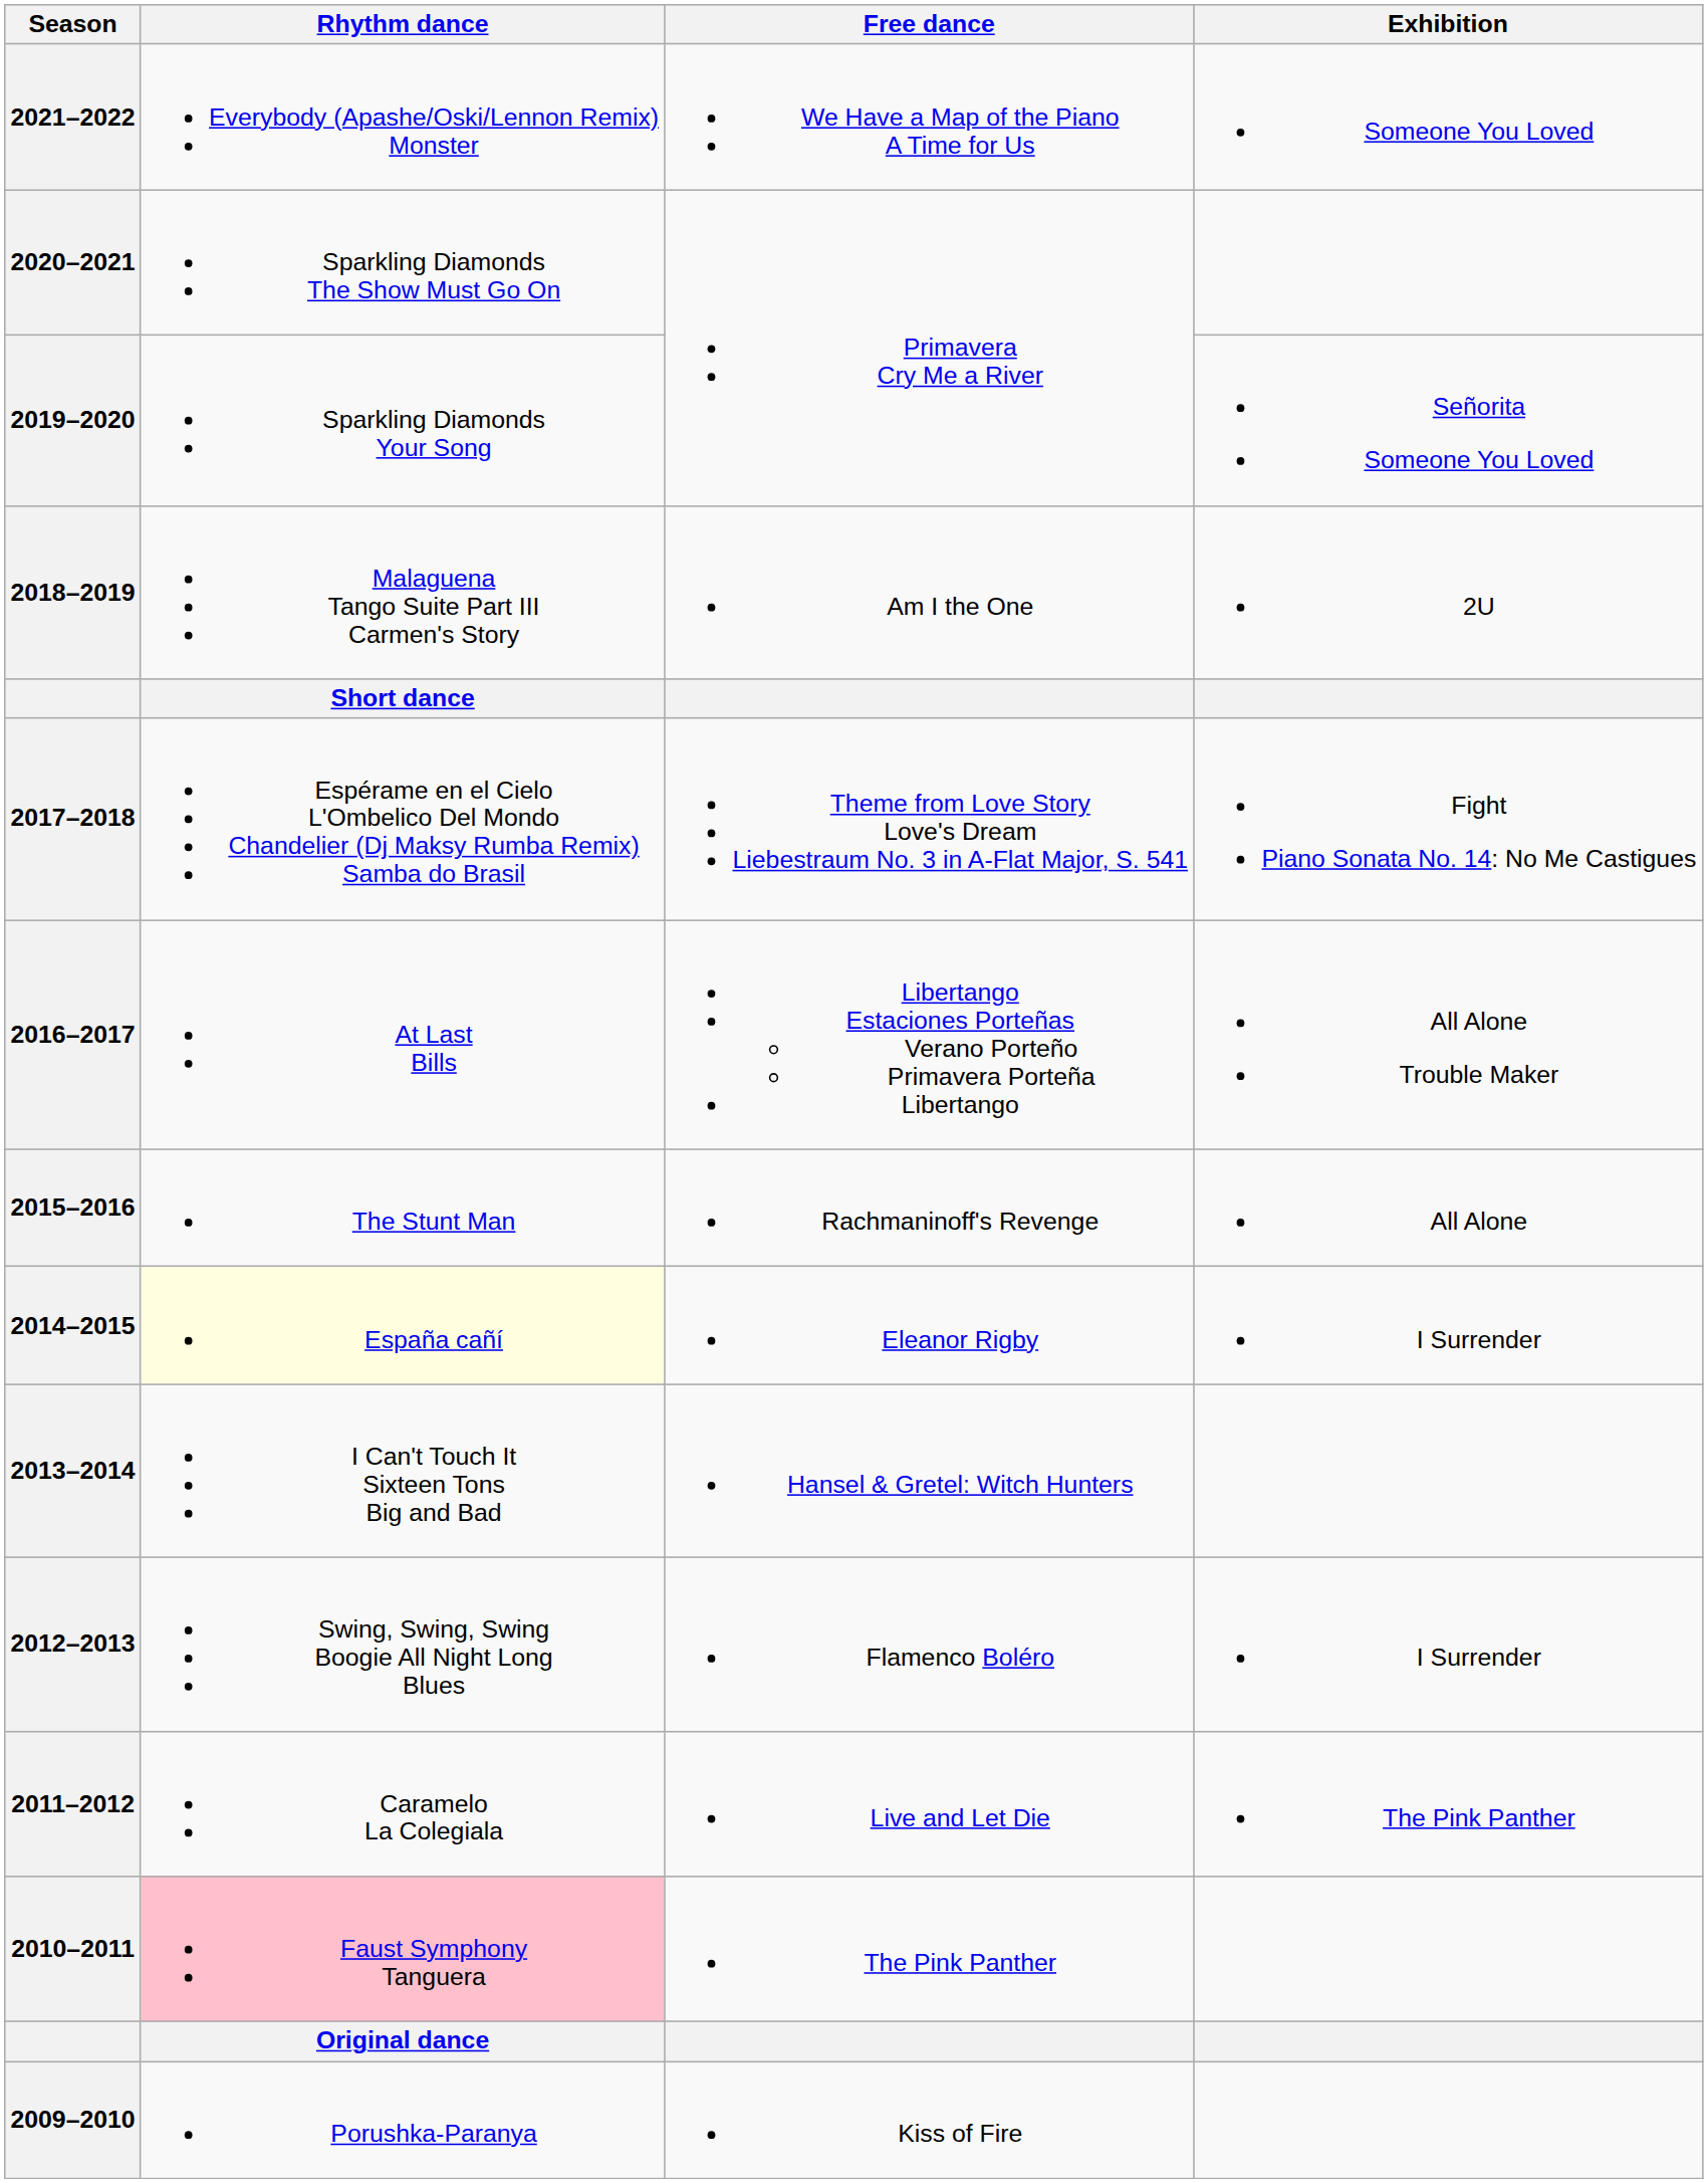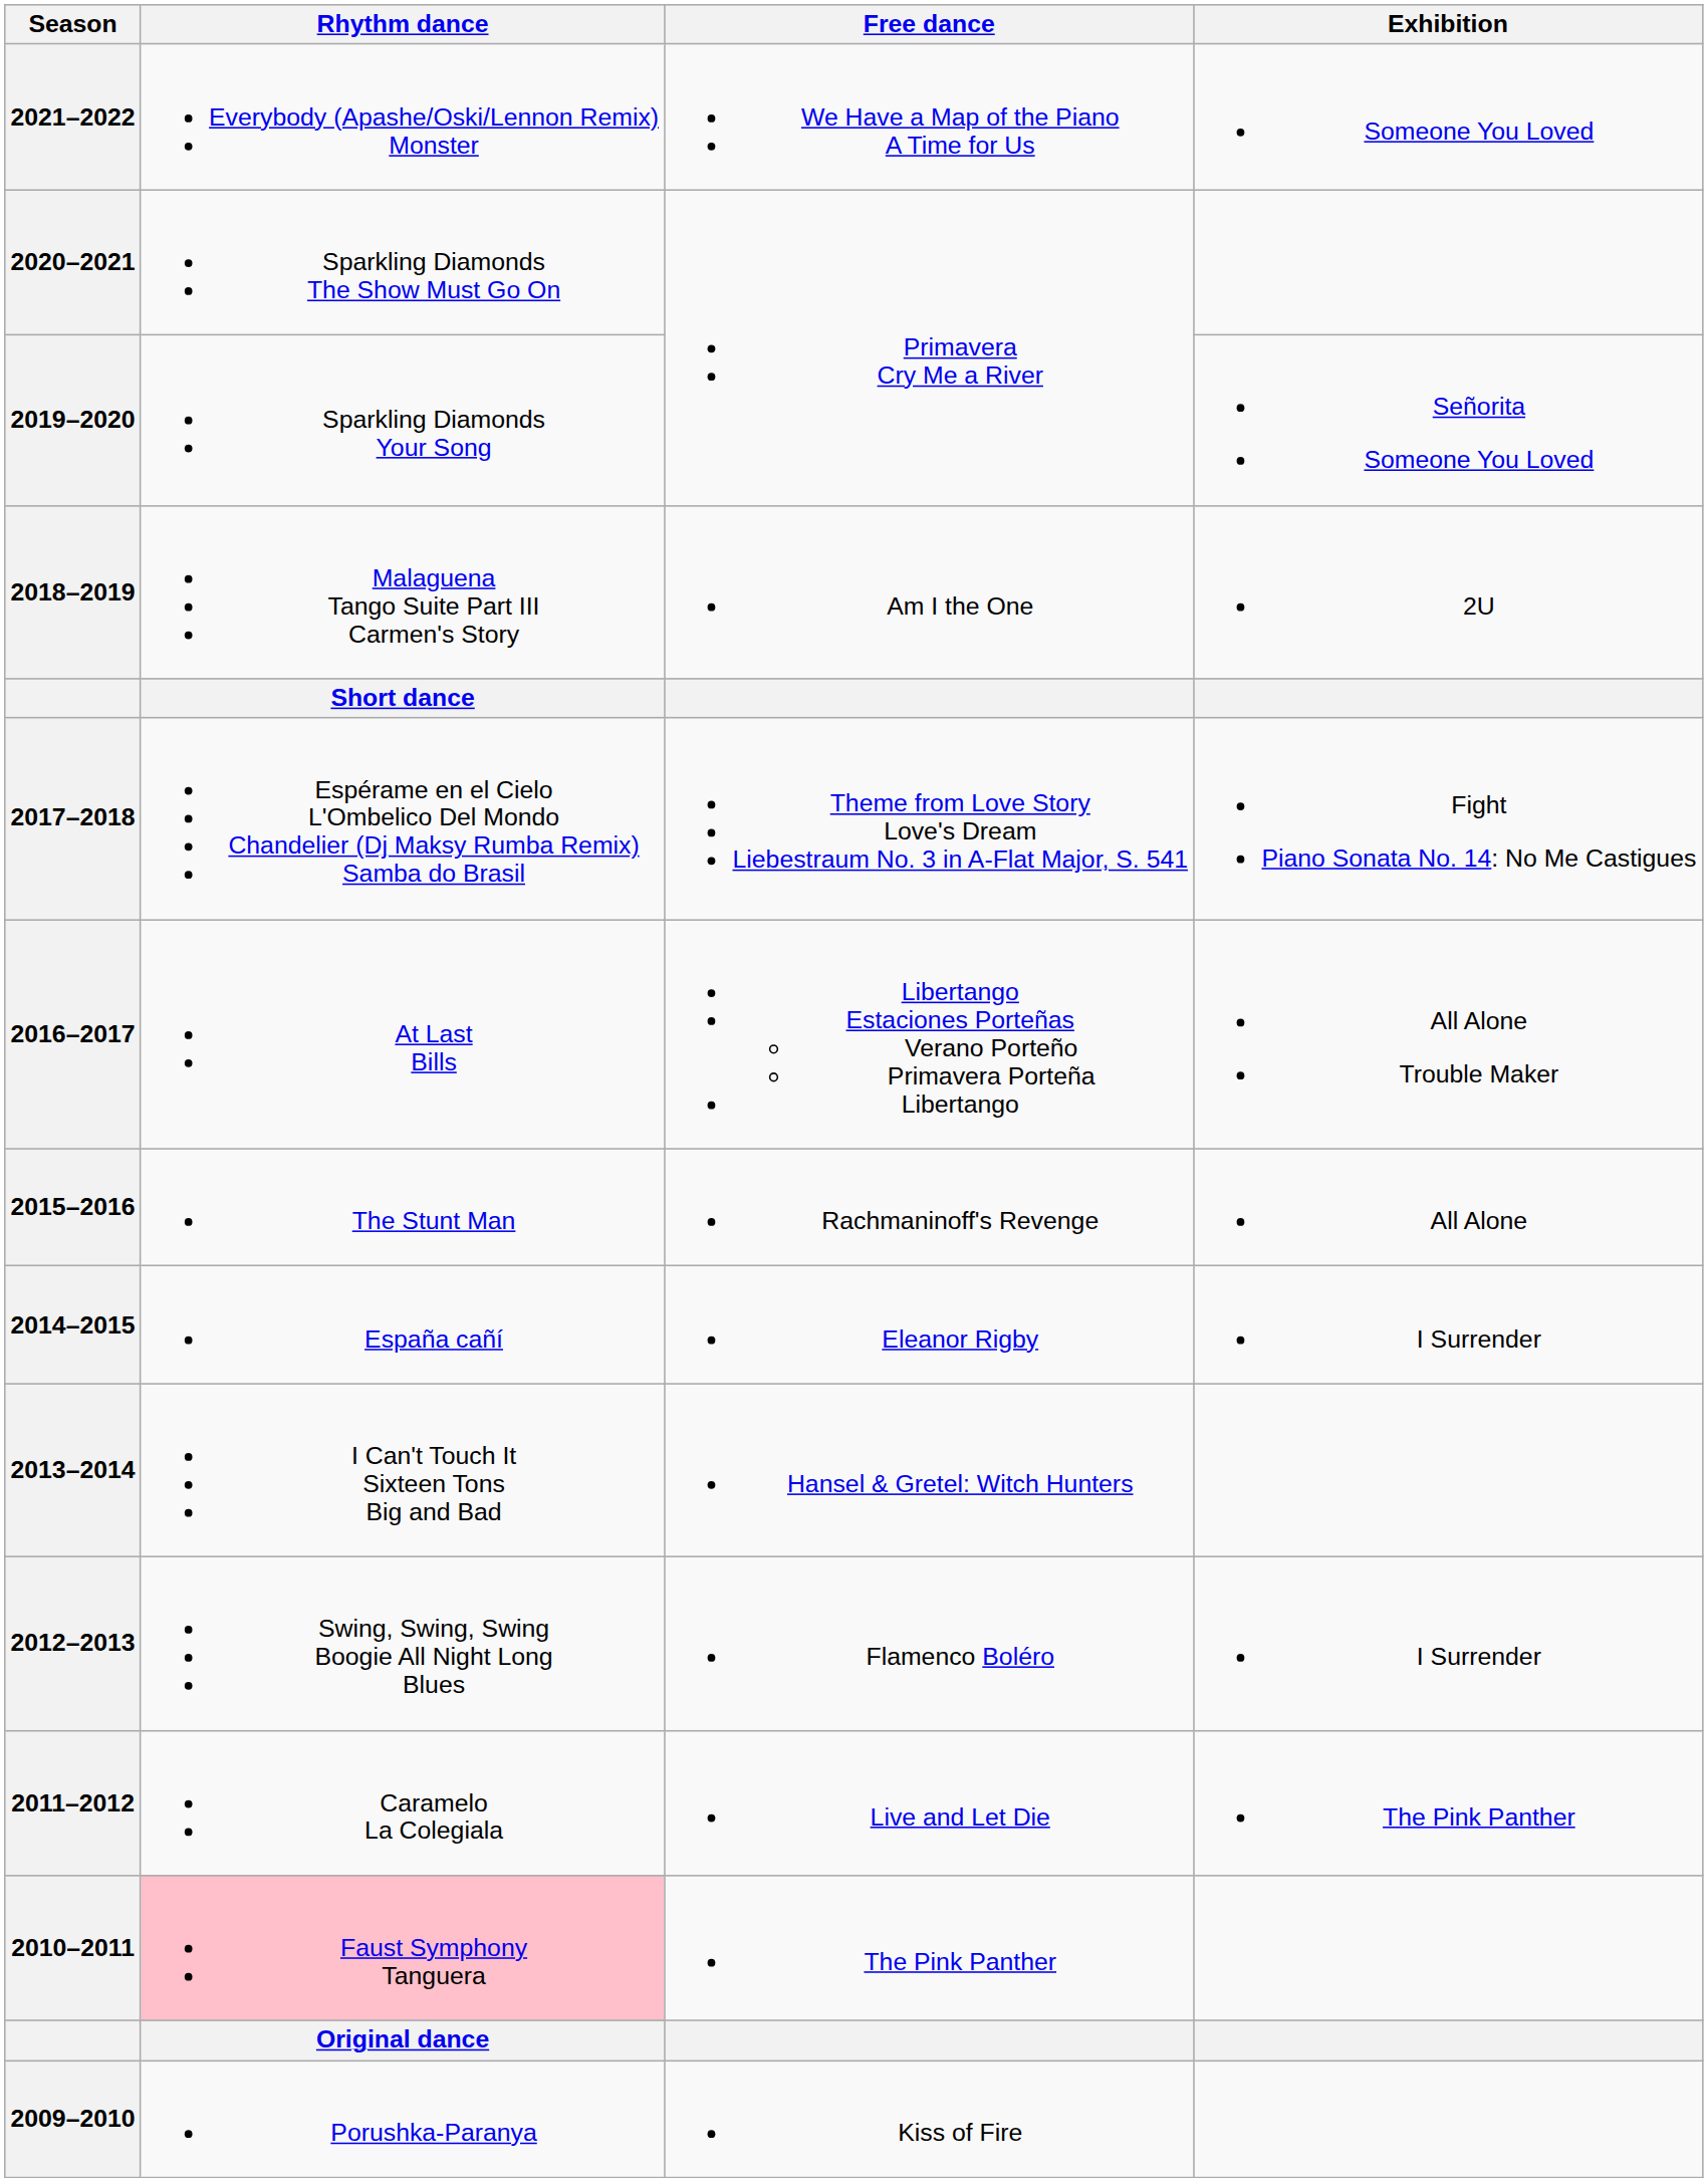 <table class="wikitable" style="text-align:center">
 <tr>
 <th>Season</th>
 <th><a href='#'>Rhythm dance</a></th>
 <th><a href='#'>Free dance</a></th>
 <th>Exhibition</th>
 </tr>
 <tr>
 <th>2021–2022 <br> </th>
 <td><br><ul><li> <a href='#'>Everybody (Apashe/Oski/Lennon Remix)</a> <br></li><li> <a href='#'>Monster</a> <br></li></ul></td>
 <td><br><ul><li><a href='#'>We Have a Map of the Piano</a> <br></li><li><a href='#'>A Time for Us</a> <br> </li></ul></td>
 <td><br><ul><li><a href='#'>Someone You Loved</a> <br></li></ul></td>
 </tr>
 <tr>
 <th>2020–2021  <br></th>
 <td><br><ul><li> Sparkling Diamonds <br></li><li> <a href='#'>The Show Must Go On</a> <br></li></ul></td>
 <td rowspan=2><br><ul><li><a href='#'>Primavera</a> <br></li><li><a href='#'>Cry Me a River</a> <br> </li></ul></td>
 <td></td>
 </tr>
 <tr>
 <th>2019–2020 <br></th>
 <td><br><ul><li> Sparkling Diamonds <br></li><li> <a href='#'>Your Song</a> <br></li></ul></td>
 <td><br><ul><li><a href='#'>Señorita</a><br></li></ul><ul><li><a href='#'>Someone You Loved</a><br></li></ul></td>
 </tr>
 <tr>
 <th>2018–2019 <br></th>
 <td><br><ul><li> <a href='#'>Malaguena</a> <br></li><li> Tango Suite Part III <br></li><li> Carmen's Story <br></li></ul></td>
 <td><br><ul><li>Am I the One <br></li></ul></td>
 <td><br><ul><li>2U <br></li></ul></td>
 </tr>
 <tr>
 <th></th>
 <th><a href='#'>Short dance</a></th>
 <th></th>
 <th></th>
 </tr>
 <tr>
 <th>2017–2018 <br></th>
 <td><br><ul><li> Espérame en el Cielo <br></li><li> L'Ombelico Del Mondo <br></li><li> <a href='#'>Chandelier (Dj Maksy Rumba Remix)</a> <br></li><li> <a href='#'>Samba do Brasil</a> <br></li></ul></td>
 <td><br><ul><li><a href='#'>Theme from Love Story</a></li><li>Love's Dream <br></li><li><a href='#'>Liebestraum No. 3 in A-Flat Major, S. 541</a> <br></li></ul></td>
 <td><br><ul><li>Fight <br></li></ul><ul><li><a href='#'>Piano Sonata No. 14</a>: No Me Castigues</li></ul></td>
 </tr>
 <tr>
 <th>2016–2017 <br></th>
 <td><br><ul><li> <a href='#'>At Last</a></li><li> <a href='#'>Bills</a> <br></li></ul></td>
 <td><br><ul><li><a href='#'>Libertango</a> <br></li><li><a href='#'>Estaciones Porteñas</a> <br><ul><li>Verano Porteño</li><li>Primavera Porteña</li></ul></li><li>Libertango <br></li></ul></td>
 <td><br><ul><li>All Alone <br></li></ul><ul><li>Trouble Maker<br></li></ul></td>
 </tr>
 <tr>
 <th>2015–2016 <br></th>
 <td><br><ul><li><a href='#'>The Stunt Man</a> <br></li></ul></td>
 <td><br><ul><li>Rachmaninoff's Revenge <br></li></ul></td>
 <td><br><ul><li>All Alone <br></li></ul></td>
 </tr>
 <tr>
 <th>2014–2015 <br> </th>
-<td style="background: lightyellow;"><br><ul><li> <a href='#'>España cañí</a> <br></li></ul></td>
+<td><br><ul><li> <a href='#'>España cañí</a> <br></li></ul></td>
 <td><br><ul><li><a href='#'>Eleanor Rigby</a> <br></li></ul></td>
 <td><br><ul><li>I Surrender <br></li></ul></td>
 </tr>
 <tr>
 <th>2013–2014 <br> </th>
 <td><br><ul><li> I Can't Touch It</li><li> Sixteen Tons</li><li> Big and Bad</li></ul></td>
 <td><br><ul><li><a href='#'>Hansel & Gretel: Witch Hunters</a> <br></li></ul></td>
 <td></td>
 </tr>
 <tr>
 <th>2012–2013 <br> </th>
 <td><br><ul><li>Swing, Swing, Swing</li><li>Boogie All Night Long</li><li>Blues</li></ul></td>
 <td><br><ul><li>Flamenco <a href='#'>Boléro</a> <br></li></ul></td>
 <td><br><ul><li>I Surrender <br></li></ul></td>
 </tr>
 <tr>
 <th>2011–2012 <br> </th>
 <td><br><ul><li>Caramelo</li><li>La Colegiala</li></ul></td>
 <td><br><ul><li><a href='#'>Live and Let Die</a> <br></li></ul></td>
 <td><br><ul><li><a href='#'>The Pink Panther</a> <br></li></ul></td>
 </tr>
 <tr>
 <th>2010–2011 <br> </th>
 <td style="background: pink;"><br><ul><li> <a href='#'>Faust Symphony</a> <br></li><li> Tanguera <br></li></ul></td>
 <td><br><ul><li><a href='#'>The Pink Panther</a> <br></li></ul></td>
 <td></td>
 </tr>
 <tr>
 <th></th>
 <th><a href='#'>Original dance</a></th>
 <th></th>
 <th></th>
 </tr>
 <tr>
 <th>2009–2010</th>
 <td><br><ul><li><a href='#'>Porushka-Paranya</a> <br></li></ul></td>
 <td><br><ul><li>Kiss of Fire <br></li></ul></td>
 <td></td>
 </tr>
 </table>
